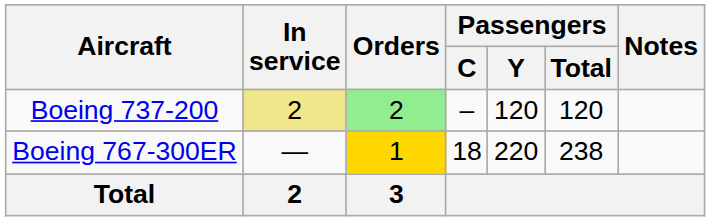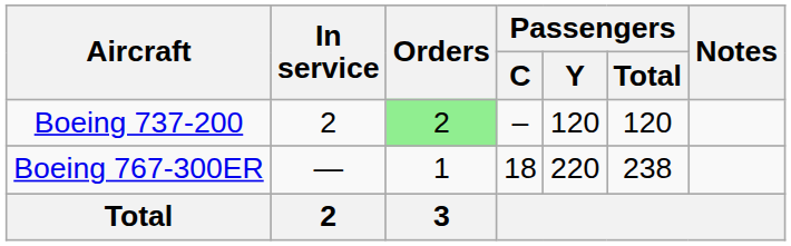 <table class="wikitable" style="margin:0.5em auto; text-align:center">
 <tr>
 <th rowspan=2>Aircraft</th>
 <th rowspan=2>In<br>service</th>
 <th rowspan=2>Orders</th>
 <th colspan=3>Passengers</th>
 <th rowspan=2>Notes</th>
 </tr>
 <tr>
 <th><abbr>C</abbr></th>
 <th><abbr>Y</abbr></th>
 <th>Total</th>
 </tr>
 <tr>
 <td><a href='#'>Boeing 737-200</a></td>
-<td style="background: khaki;">2</td>
+<td>2</td>
 <td style="background: lightgreen;">2</td>
 <td>–</td>
 <td>120</td>
 <td>120</td>
 <td></td>
 </tr>
 <tr>
 <td><a href='#'>Boeing 767-300ER</a></td>
 <td>—</td>
-<td style="background: gold;">1</td>
+<td>1</td>
 <td>18</td>
 <td>220</td>
 <td>238</td>
 <td></td>
 </tr>
 <tr>
 <th>Total</th>
 <th>2</th>
 <th>3</th>
 <th colspan=5></th>
 </tr>
 </table>
